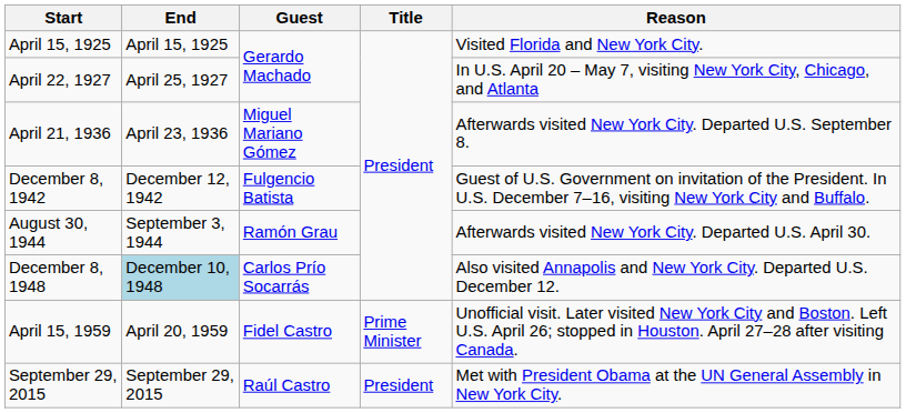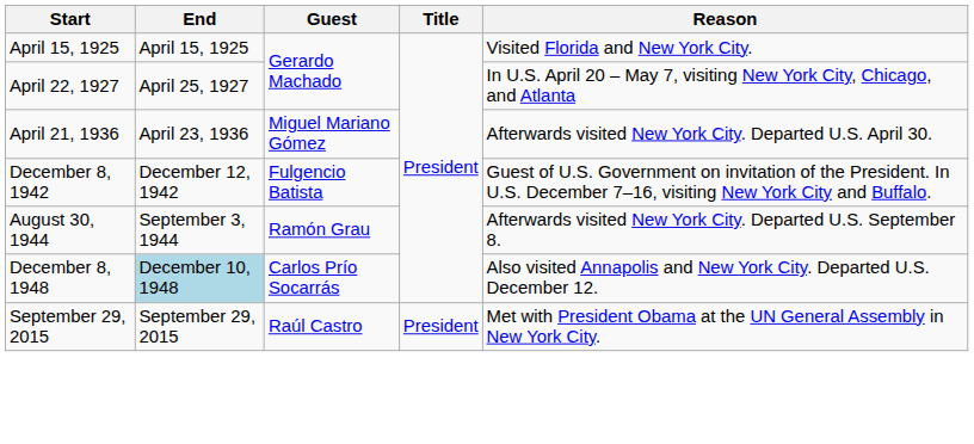 <table class="wikitable sortable">
 <tr>
 <th>Start</th>
 <th>End</th>
 <th>Guest</th>
 <th>Title</th>
 <th>Reason</th>
 </tr>
 <tr>
 <td>April 15, 1925</td>
 <td>April 15, 1925</td>
 <td rowspan=2><a href='#'>Gerardo Machado</a></td>
 <td rowspan=6><a href='#'>President</a></td>
 <td>Visited <a href='#'>Florida</a> and <a href='#'>New York City</a>.</td>
 </tr>
 <tr>
 <td>April 22, 1927</td>
 <td>April 25, 1927</td>
 <td>In U.S. April 20 – May 7, visiting <a href='#'>New York City</a>, <a href='#'>Chicago</a>, and <a href='#'>Atlanta</a></td>
 </tr>
 <tr>
 <td>April 21, 1936</td>
 <td>April 23, 1936</td>
 <td><a href='#'>Miguel Mariano Gómez</a></td>
-<td>Afterwards visited <a href='#'>New York City</a>. Departed U.S. September 8.</td>
+<td>Afterwards visited <a href='#'>New York City</a>. Departed U.S. April 30.</td>
 </tr>
 <tr>
 <td>December 8, 1942</td>
 <td>December 12, 1942</td>
 <td><a href='#'>Fulgencio Batista</a></td>
 <td>Guest of U.S. Government on invitation of the President. In U.S. December 7–16, visiting <a href='#'>New York City</a> and <a href='#'>Buffalo</a>.</td>
 </tr>
 <tr>
 <td>August 30, 1944</td>
 <td>September 3, 1944</td>
 <td><a href='#'>Ramón Grau</a></td>
-<td>Afterwards visited <a href='#'>New York City</a>. Departed U.S. April 30.</td>
+<td>Afterwards visited <a href='#'>New York City</a>. Departed U.S. September 8.</td>
 </tr>
 <tr>
 <td>December 8, 1948</td>
 <td style="background: lightblue;">December 10, 1948</td>
 <td><a href='#'>Carlos Prío Socarrás</a></td>
 <td>Also visited <a href='#'>Annapolis</a> and <a href='#'>New York City</a>. Departed U.S. December 12.</td>
-</tr>
-<tr>
-<td>April 15, 1959</td>
-<td>April 20, 1959</td>
-<td><a href='#'>Fidel Castro</a></td>
-<td><a href='#'>Prime Minister</a></td>
-<td>Unofficial visit. Later visited <a href='#'>New York City</a> and <a href='#'>Boston</a>. Left U.S. April 26; stopped in <a href='#'>Houston</a>. April 27–28 after visiting <a href='#'>Canada</a>.</td>
 </tr>
 <tr>
 <td>September 29, 2015</td>
 <td>September 29, 2015</td>
 <td><a href='#'>Raúl Castro</a></td>
 <td><a href='#'>President</a></td>
 <td>Met with <a href='#'>President Obama</a> at the <a href='#'>UN General Assembly</a> in <a href='#'>New York City</a>.</td>
 </tr>
 </table>
